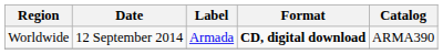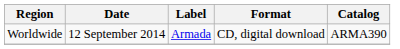 <table class=wikitable>
 <tr>
 <th>Region</th>
 <th>Date</th>
 <th>Label</th>
 <th>Format</th>
 <th>Catalog</th>
 </tr>
 <tr>
 <td>Worldwide</td>
 <td>12 September 2014</td>
 <td><a href='#'>Armada</a></td>
-<td><strong>CD, digital download</strong></td>
+<td>CD, digital download</td>
 <td>ARMA390</td>
 </tr>
 <tr>
 </tr>
 </table>
